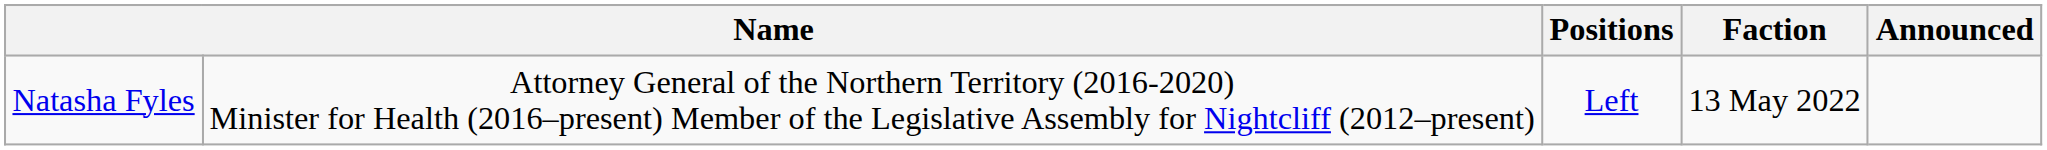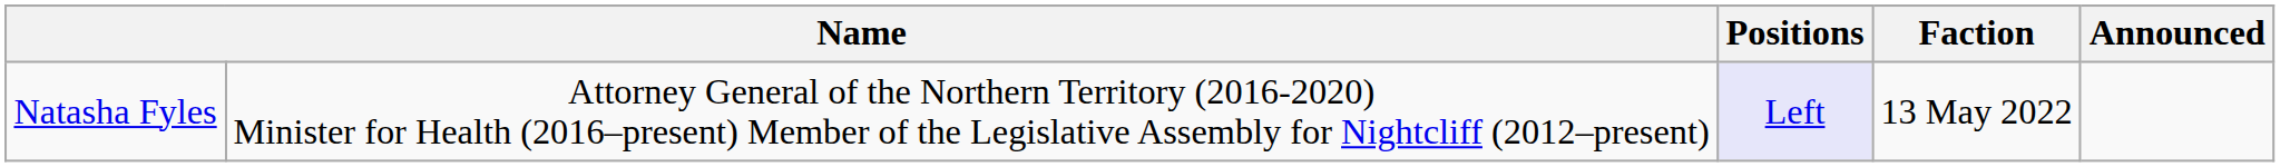 <table class="wikitable sortable" style="text-align:center">
 <tr>
 <th colspan="2">Name </th>
 <th>Positions</th>
 <th>Faction</th>
 <th>Announced</th>
 </tr>
 <tr>
 <td><a href='#'>Natasha Fyles</a></td>
 <td>Attorney General of the Northern Territory (2016-2020)<br>Minister for Health (2016–present) Member of the Legislative Assembly for <a href='#'>Nightcliff</a> (2012–present)</td>
-<td><a href='#'>Left</a></td>
+<td style="background: lavender;"><a href='#'>Left</a></td>
 <td>13 May 2022</td>
 </tr>
 </table>
